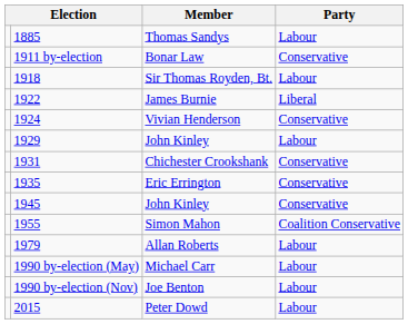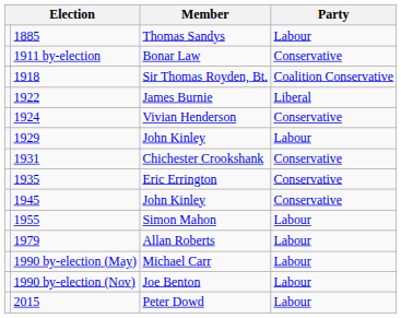 <table class="wikitable">
 <tr>
 <th colspan=2>Election</th>
 <th>Member</th>
 <th>Party</th>
 </tr>
 <tr>
 <td style="color:inherit;background-color: "></td>
 <td><a href='#'>1885</a></td>
 <td><a href='#'>Thomas Sandys</a></td>
 <td><a href='#'>Labour</a></td>
 </tr>
 <tr>
 <td style="color:inherit;background-color: "></td>
 <td><a href='#'>1911 by-election</a></td>
 <td><a href='#'>Bonar Law</a></td>
 <td><a href='#'>Conservative</a></td>
 </tr>
 <tr>
 <td style="color:inherit;background-color: "></td>
 <td><a href='#'>1918</a></td>
 <td><a href='#'>Sir Thomas Royden, Bt.</a></td>
-<td><a href='#'>Labour</a></td>
+<td><a href='#'>Coalition Conservative</a></td>
 </tr>
 <tr>
 <td style="color:inherit;background-color: "></td>
 <td><a href='#'>1922</a></td>
 <td><a href='#'>James Burnie</a></td>
 <td><a href='#'>Liberal</a></td>
 </tr>
 <tr>
 <td style="color:inherit;background-color: "></td>
 <td><a href='#'>1924</a></td>
 <td><a href='#'>Vivian Henderson</a></td>
 <td><a href='#'>Conservative</a></td>
 </tr>
 <tr>
 <td style="color:inherit;background-color: "></td>
 <td><a href='#'>1929</a></td>
 <td><a href='#'>John Kinley</a></td>
 <td><a href='#'>Labour</a></td>
 </tr>
 <tr>
 <td style="color:inherit;background-color: "></td>
 <td><a href='#'>1931</a></td>
 <td><a href='#'>Chichester Crookshank</a></td>
 <td><a href='#'>Conservative</a></td>
 </tr>
 <tr>
 <td style="color:inherit;background-color: "></td>
 <td><a href='#'>1935</a></td>
 <td><a href='#'>Eric Errington</a></td>
 <td><a href='#'>Conservative</a></td>
 </tr>
 <tr>
 <td style="color:inherit;background-color: "></td>
 <td><a href='#'>1945</a></td>
 <td><a href='#'>John Kinley</a></td>
 <td><a href='#'>Conservative</a></td>
 </tr>
 <tr>
 <td style="color:inherit;background-color: "></td>
 <td><a href='#'>1955</a></td>
 <td><a href='#'>Simon Mahon</a></td>
-<td><a href='#'>Coalition Conservative</a></td>
+<td><a href='#'>Labour</a></td>
 </tr>
 <tr>
 <td style="color:inherit;background-color: "></td>
 <td><a href='#'>1979</a></td>
 <td><a href='#'>Allan Roberts</a></td>
 <td><a href='#'>Labour</a></td>
 </tr>
 <tr>
 <td style="color:inherit;background-color: "></td>
 <td><a href='#'>1990 by-election (May)</a></td>
 <td><a href='#'>Michael Carr</a></td>
 <td><a href='#'>Labour</a></td>
 </tr>
 <tr>
 <td style="color:inherit;background-color: "></td>
 <td><a href='#'>1990 by-election (Nov)</a></td>
 <td><a href='#'>Joe Benton</a></td>
 <td><a href='#'>Labour</a></td>
 </tr>
 <tr>
 <td style="color:inherit;background-color: "></td>
 <td><a href='#'>2015</a></td>
 <td><a href='#'>Peter Dowd</a></td>
 <td><a href='#'>Labour</a></td>
 </tr>
 </table>
